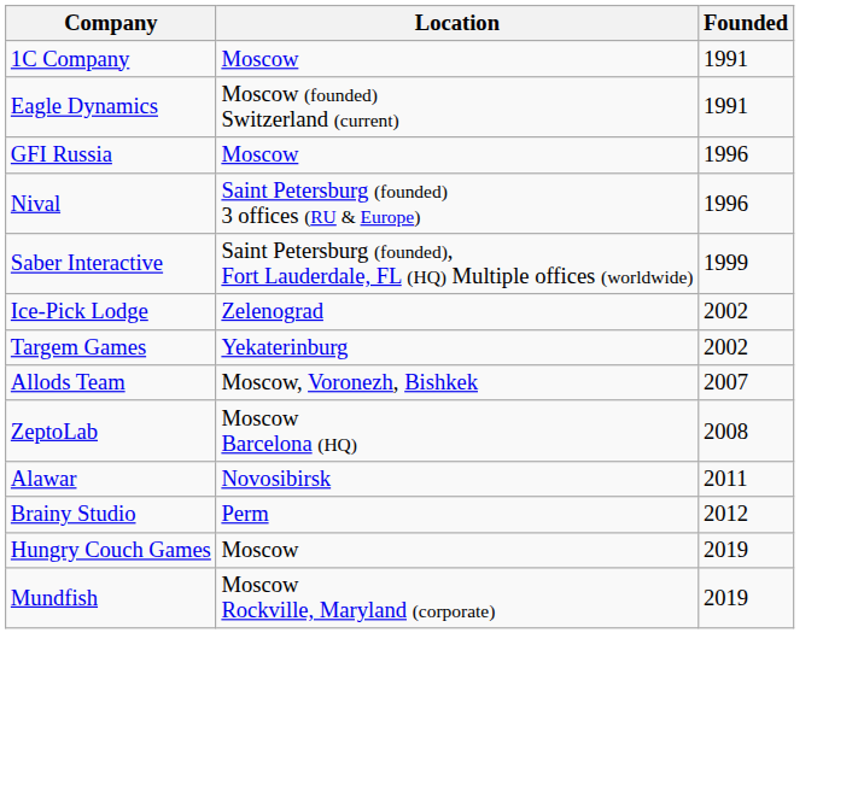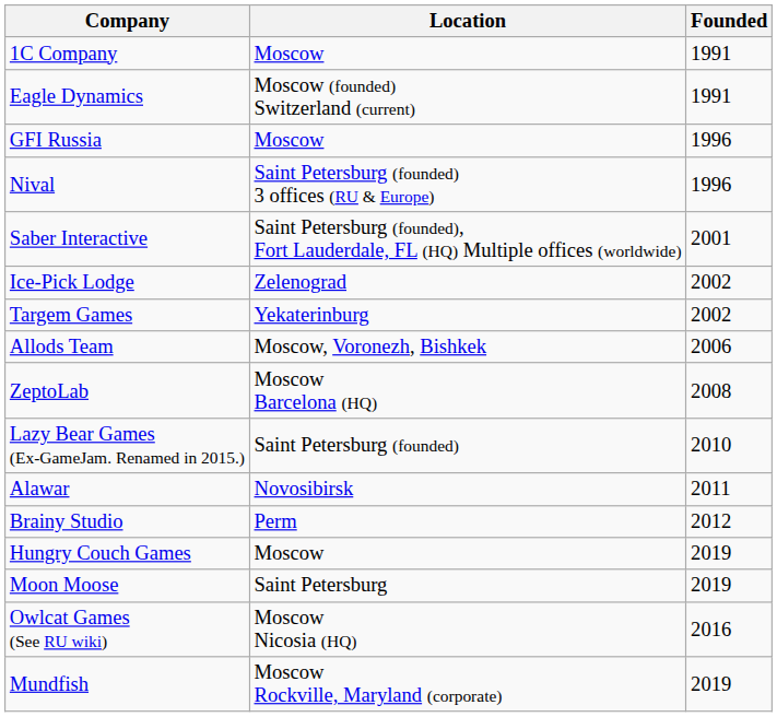 <table class="wikitable sortable mw-collapsible">
 <tr>
 <th>Company</th>
 <th>Location</th>
 <th>Founded</th>
 </tr>
 <tr>
 <td><a href='#'>1C Company</a></td>
 <td><a href='#'>Moscow</a></td>
 <td>1991</td>
 </tr>
 <tr>
 <td><a href='#'>Eagle Dynamics</a></td>
 <td>Moscow <small>(founded)</small><br>Switzerland <small>(current)</small></td>
 <td>1991</td>
 </tr>
 <tr>
 <td><a href='#'>GFI Russia</a></td>
 <td><a href='#'>Moscow</a></td>
 <td>1996</td>
 </tr>
 <tr>
 <td><a href='#'>Nival</a></td>
 <td><a href='#'>Saint Petersburg</a> <small>(founded)</small><br>3 offices <small>(<a href='#'>RU</a> & <a href='#'>Europe</a>)</small></td>
 <td>1996</td>
 </tr>
 <tr>
 <td><a href='#'>Saber Interactive</a></td>
 <td>Saint Petersburg <small>(founded)</small>,<br><a href='#'>Fort Lauderdale, FL</a> <small>(HQ)</small> Multiple offices <small>(worldwide)</small></td>
-<td>1999</td>
+<td>2001</td>
 </tr>
 <tr>
 <td><a href='#'>Ice-Pick Lodge</a></td>
 <td><a href='#'>Zelenograd</a></td>
 <td>2002</td>
 </tr>
 <tr>
 <td><a href='#'>Targem Games</a></td>
 <td><a href='#'>Yekaterinburg</a></td>
 <td>2002</td>
 </tr>
 <tr>
 <td><a href='#'>Allods Team</a></td>
 <td>Moscow, <a href='#'>Voronezh</a>, <a href='#'>Bishkek</a></td>
-<td>2007</td>
+<td>2006</td>
 </tr>
 <tr>
 <td><a href='#'>ZeptoLab</a></td>
 <td>Moscow<br><a href='#'>Barcelona</a> <small>(HQ)</small></td>
 <td>2008</td>
+</tr>
+<tr>
+<td><a href='#'>Lazy Bear Games</a><br><small>(Ex-GameJam. Renamed in 2015.)</small></td>
+<td>Saint Petersburg <small>(founded)</small></td>
+<td>2010</td>
 </tr>
 <tr>
 <td><a href='#'>Alawar</a></td>
 <td><a href='#'>Novosibirsk</a></td>
 <td>2011</td>
 </tr>
 <tr>
 <td><a href='#'>Brainy Studio</a></td>
 <td><a href='#'>Perm</a></td>
 <td>2012</td>
 </tr>
 <tr>
 <td><a href='#'>Hungry Couch Games</a></td>
 <td>Moscow</td>
 <td>2019</td>
 </tr>
 <tr>
+<td><a href='#'>Moon Moose</a></td>
+<td>Saint Petersburg</td>
+<td>2019</td>
+</tr>
+<tr>
+<td><a href='#'>Owlcat Games</a><br><small>(See <a href='#'>RU wiki</a>)</small></td>
+<td>Moscow<br>Nicosia <small>(HQ)</small></td>
+<td>2016</td>
+</tr>
+<tr>
 <td><a href='#'>Mundfish</a></td>
 <td>Moscow<br><a href='#'>Rockville, Maryland</a> <small>(corporate)</small></td>
 <td>2019</td>
 </tr>
 </table>
